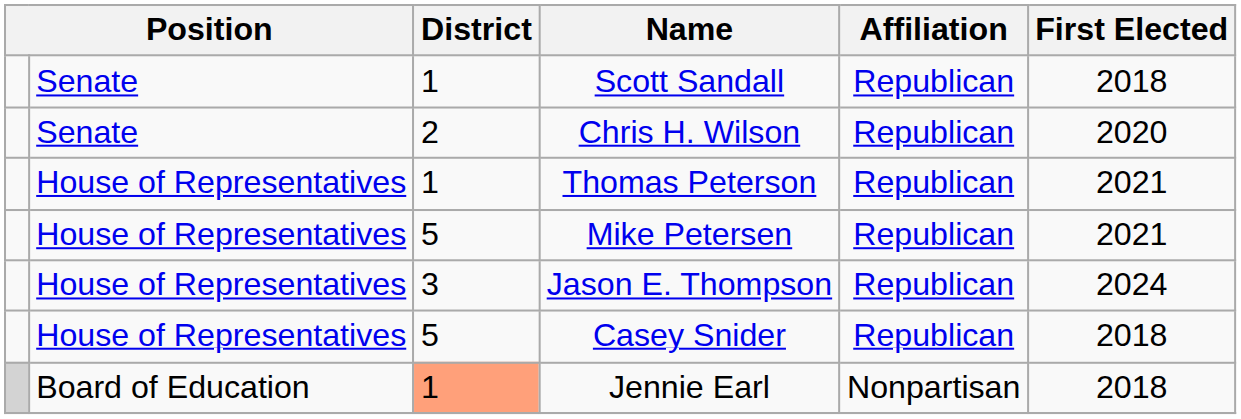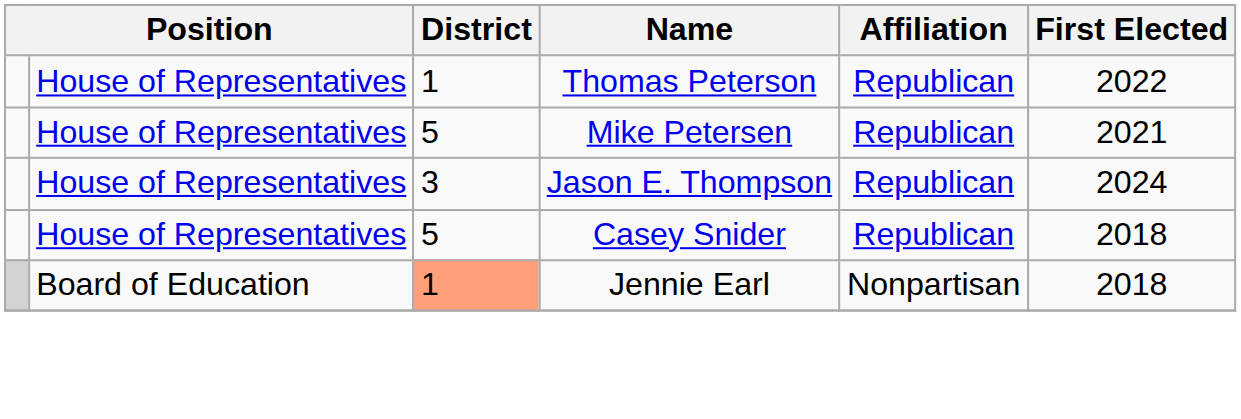 <table class="wikitable">
 <tr>
 <th colspan="2" style="text-align:center; vertical-align:bottom;">Position</th>
 <th>District</th>
 <th style="text-align:center;">Name</th>
 <th valign="bottom">Affiliation</th>
 <th style="vertical-align:bottom; text-align:center;">First Elected</th>
 </tr>
 <tr>
 <td style="background-color:"> </td>
-<td><a href='#'>Senate</a></td>
-<td>1</td>
-<td style="text-align:center;"><a href='#'>Scott Sandall</a></td>
-<td style="text-align:center;"><a href='#'>Republican</a></td>
-<td style="text-align:center;">2018</td>
-</tr>
-<tr>
-<td style="background-color:"> </td>
-<td><a href='#'>Senate</a></td>
-<td>2</td>
-<td style="text-align:center;"><a href='#'>Chris H. Wilson</a></td>
-<td style="text-align:center;"><a href='#'>Republican</a></td>
-<td style="text-align:center;">2020</td>
-</tr>
-<tr>
-<td style="background-color:"> </td>
 <td><a href='#'>House of Representatives</a></td>
 <td>1</td>
 <td style="text-align:center;"><a href='#'>Thomas Peterson</a></td>
 <td style="text-align:center;"><a href='#'>Republican</a></td>
-<td style="text-align:center;">2021</td>
+<td style="text-align:center;">2022</td>
 </tr>
 <tr>
 <td style="background-color:"> </td>
 <td><a href='#'>House of Representatives</a></td>
 <td>5</td>
 <td style="text-align:center;"><a href='#'>Mike Petersen</a></td>
 <td style="text-align:center;"><a href='#'>Republican</a></td>
 <td style="text-align:center;">2021</td>
 </tr>
 <tr>
 <td style="background-color:"> </td>
 <td><a href='#'>House of Representatives</a></td>
 <td>3</td>
 <td style="text-align:center;"><a href='#'>Jason E. Thompson</a></td>
 <td style="text-align:center;"><a href='#'>Republican</a></td>
 <td style="text-align:center;">2024</td>
 </tr>
 <tr>
 <td style="background-color:"> </td>
 <td><a href='#'>House of Representatives</a></td>
 <td>5</td>
 <td style="text-align:center;"><a href='#'>Casey Snider</a></td>
 <td style="text-align:center;"><a href='#'>Republican</a></td>
 <td style="text-align:center;">2018</td>
 </tr>
 <tr>
 <td style="background-color:lightgrey"> </td>
 <td>Board of Education</td>
 <td style="background: lightsalmon;">1</td>
 <td style="text-align:center;">Jennie Earl</td>
 <td style="text-align:center;">Nonpartisan</td>
 <td style="text-align:center;">2018</td>
 </tr>
 <tr>
 </tr>
 </table>
